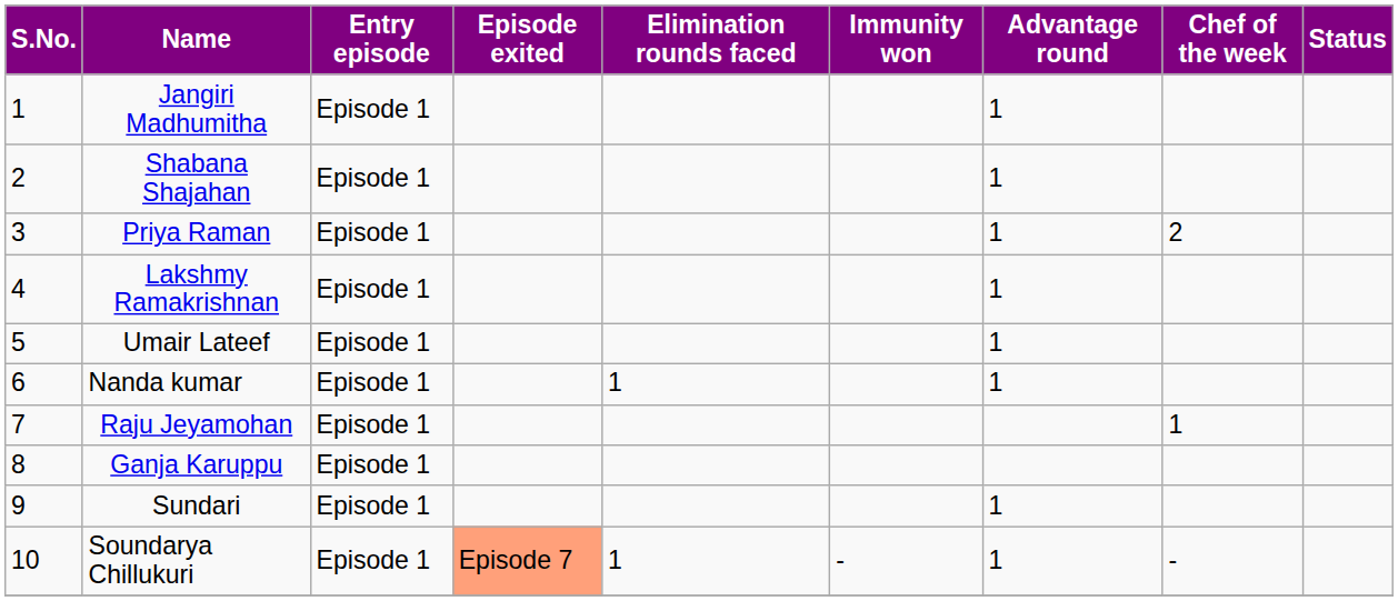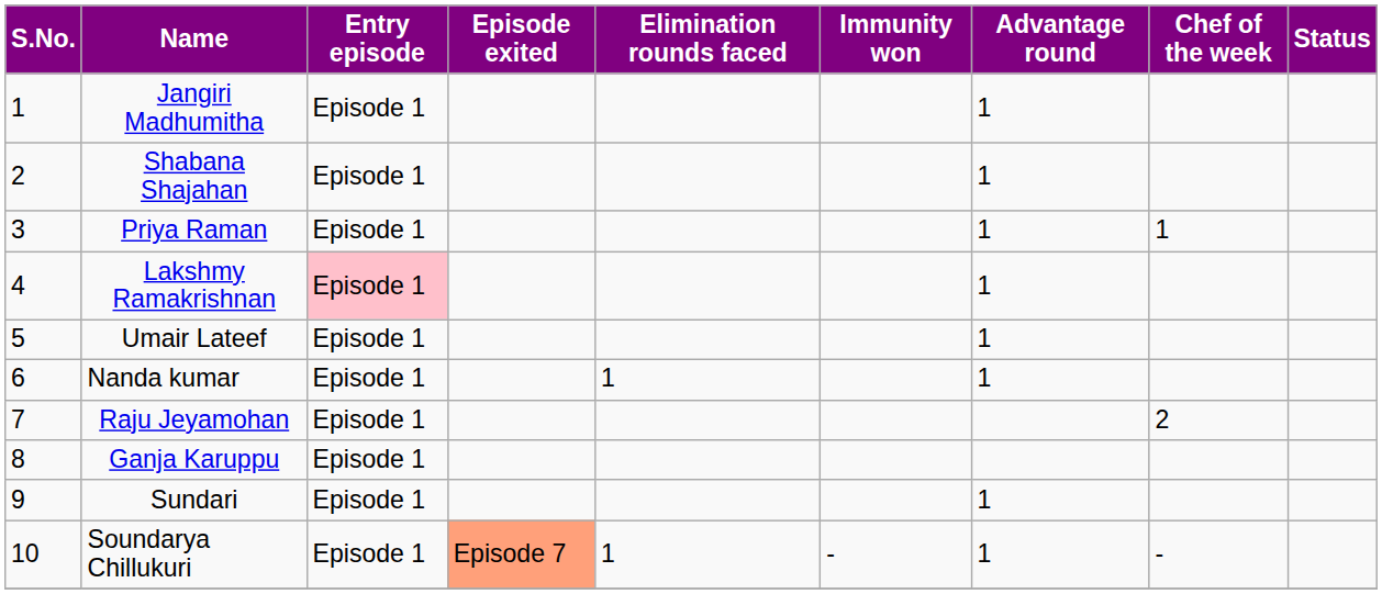 <table class="wikitable sortable" style="align:center;">
 <tr>
 <th scope="col" style="background:Purple;color:white">S.No.</th>
 <th scope="col" style="background:purple;color:white">Name</th>
 <th scope="col" style="background:Purple;color:white">Entry episode</th>
 <th scope="col" style="background:Purple;color:white">Episode exited</th>
 <th scope="col" style="background:Purple;color:white">Elimination rounds faced</th>
 <th scope="col" style="background:Purple;color:white">Immunity won</th>
 <th scope="col" style="background:Purple;color:white">Advantage round</th>
 <th scope="col" style="background:Purple;color:white">Chef of the week</th>
 <th scope="col" style="background:Purple;color:white">Status</th>
 </tr>
 <tr>
 <td>1</td>
 <td style="text-align: center;"><a href='#'>Jangiri Madhumitha</a></td>
 <td>Episode 1</td>
 <td></td>
 <td></td>
 <td></td>
 <td>1</td>
 <td></td>
 <td></td>
 </tr>
 <tr>
 <td>2</td>
 <td style="text-align: center;"><a href='#'>Shabana Shajahan</a></td>
 <td>Episode 1</td>
 <td></td>
 <td></td>
 <td></td>
 <td>1</td>
 <td></td>
 <td></td>
 </tr>
 <tr>
 <td>3</td>
 <td style="text-align: center;"><a href='#'>Priya Raman</a></td>
 <td>Episode 1</td>
 <td></td>
 <td></td>
 <td></td>
 <td>1</td>
-<td>2</td>
+<td>1</td>
 <td></td>
 </tr>
 <tr>
 <td>4</td>
 <td style="text-align: center;"><a href='#'>Lakshmy Ramakrishnan</a></td>
-<td>Episode 1</td>
+<td style="background: pink;">Episode 1</td>
 <td></td>
 <td></td>
 <td></td>
 <td>1</td>
 <td></td>
 <td></td>
 </tr>
 <tr>
 <td>5</td>
 <td style="text-align: center;">Umair Lateef</td>
 <td>Episode 1</td>
 <td></td>
 <td></td>
 <td></td>
 <td>1</td>
 <td></td>
 <td></td>
 </tr>
 <tr>
 <td>6</td>
 <td>Nanda kumar</td>
 <td>Episode 1</td>
 <td></td>
 <td>1</td>
 <td></td>
 <td>1</td>
 <td></td>
 <td></td>
 </tr>
 <tr>
 <td>7</td>
 <td style="text-align: center;"><a href='#'>Raju Jeyamohan</a></td>
 <td>Episode 1</td>
 <td></td>
 <td></td>
 <td></td>
 <td></td>
-<td>1</td>
+<td>2</td>
 <td></td>
 </tr>
 <tr>
 <td>8</td>
 <td style="text-align: center;"><a href='#'>Ganja Karuppu</a></td>
 <td>Episode 1</td>
 <td></td>
 <td></td>
 <td></td>
 <td></td>
 <td></td>
 <td></td>
 </tr>
 <tr>
 <td>9</td>
 <td style="text-align: center;">Sundari</td>
 <td>Episode 1</td>
 <td></td>
 <td></td>
 <td></td>
 <td>1</td>
 <td></td>
 <td></td>
 </tr>
 <tr>
 <td>10</td>
 <td>Soundarya Chillukuri</td>
 <td>Episode 1</td>
 <td style="background: lightsalmon;">Episode 7</td>
 <td>1</td>
 <td>-</td>
 <td>1</td>
 <td>-</td>
 <td></td>
 </tr>
 <tr>
 </tr>
 </table>
